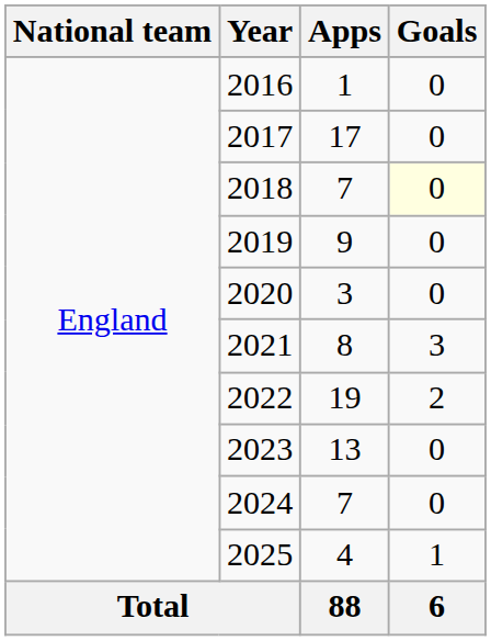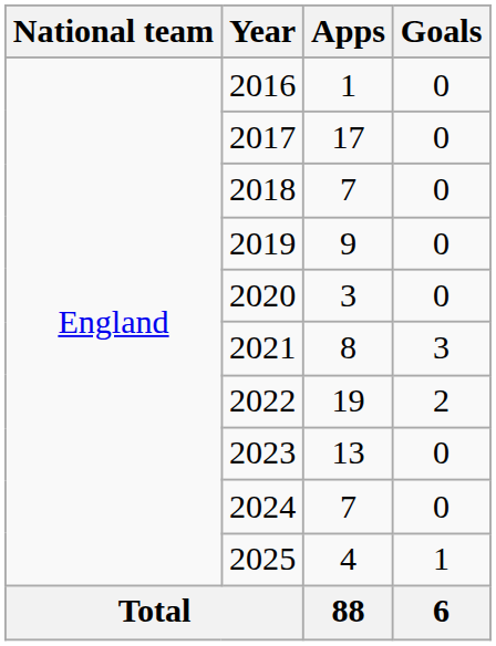 <table class="wikitable" style="text-align:center">
 <tr>
 <th>National team</th>
 <th>Year</th>
 <th>Apps</th>
 <th>Goals</th>
 </tr>
 <tr>
 <td rowspan="10"><a href='#'>England</a></td>
 <td>2016</td>
 <td>1</td>
 <td>0</td>
 </tr>
 <tr>
 <td>2017</td>
 <td>17</td>
 <td>0</td>
 </tr>
 <tr>
 <td>2018</td>
 <td>7</td>
-<td style="background: lightyellow;">0</td>
+<td>0</td>
 </tr>
 <tr>
 <td>2019</td>
 <td>9</td>
 <td>0</td>
 </tr>
 <tr>
 <td>2020</td>
 <td>3</td>
 <td>0</td>
 </tr>
 <tr>
 <td>2021</td>
 <td>8</td>
 <td>3</td>
 </tr>
 <tr>
 <td>2022</td>
 <td>19</td>
 <td>2</td>
 </tr>
 <tr>
 <td>2023</td>
 <td>13</td>
 <td>0</td>
 </tr>
 <tr>
 <td>2024</td>
 <td>7</td>
 <td>0</td>
 </tr>
 <tr>
 <td>2025</td>
 <td>4</td>
 <td>1</td>
 </tr>
 <tr>
 <th colspan="2">Total</th>
 <th>88</th>
 <th>6</th>
 </tr>
 </table>
